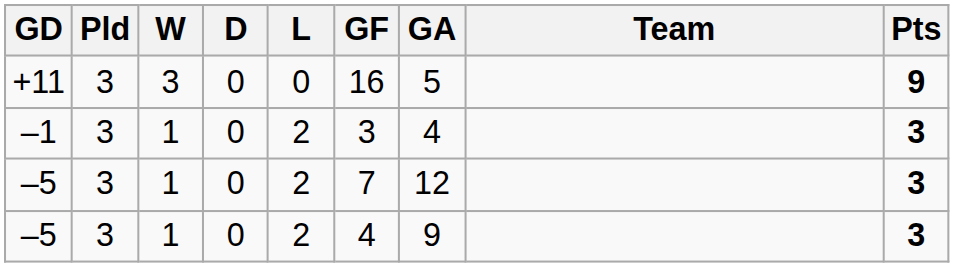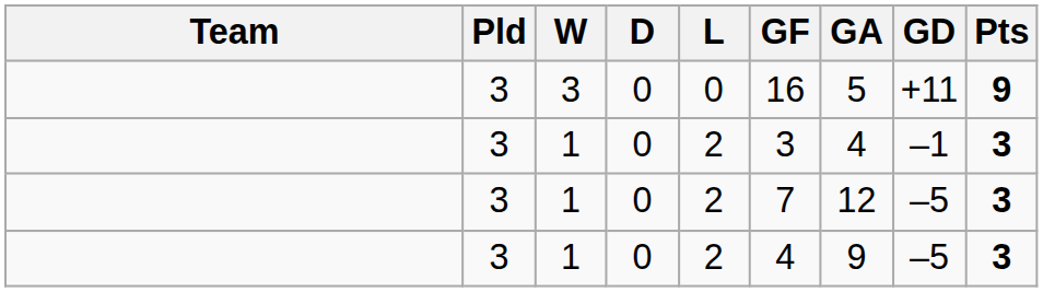 <table class=wikitable style="text-align:center">
 <tr>
-<th width=25>GD</th>
+<th width=200>Team</th>
 <th width=25>Pld</th>
 <th width=25>W</th>
 <th width=25>D</th>
 <th width=25>L</th>
 <th width=25>GF</th>
 <th width=25>GA</th>
-<th width=200>Team</th>
+<th width=25>GD</th>
 <th width=25>Pts</th>
 </tr>
 <tr>
-<td>+11</td>
+<td align=left></td>
 <td>3</td>
 <td>3</td>
 <td>0</td>
 <td>0</td>
 <td>16</td>
 <td>5</td>
-<td align=left></td>
+<td>+11</td>
 <td><strong>9</strong></td>
 </tr>
 <tr>
-<td>–1</td>
+<td align=left></td>
 <td>3</td>
 <td>1</td>
 <td>0</td>
 <td>2</td>
 <td>3</td>
 <td>4</td>
-<td align=left></td>
+<td>–1</td>
 <td><strong>3</strong></td>
 </tr>
 <tr>
-<td>–5</td>
+<td align=left></td>
 <td>3</td>
 <td>1</td>
 <td>0</td>
 <td>2</td>
 <td>7</td>
 <td>12</td>
-<td align=left></td>
+<td>–5</td>
 <td><strong>3</strong></td>
 </tr>
 <tr>
-<td>–5</td>
+<td align=left></td>
 <td>3</td>
 <td>1</td>
 <td>0</td>
 <td>2</td>
 <td>4</td>
 <td>9</td>
-<td align=left></td>
+<td>–5</td>
 <td><strong>3</strong></td>
 </tr>
 </table>
